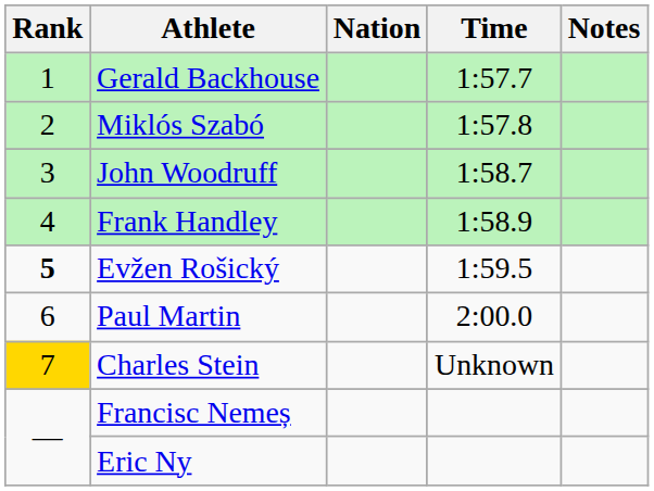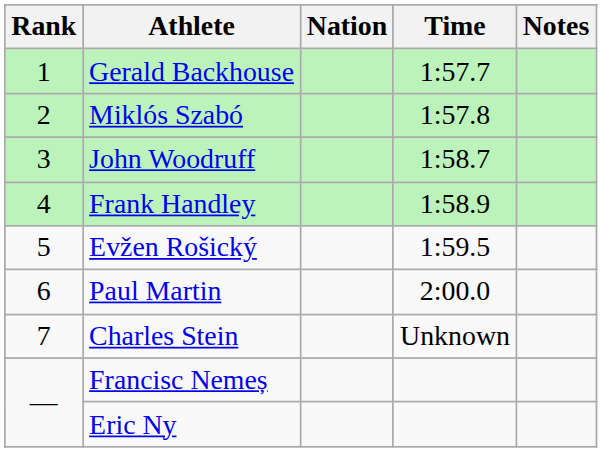 <table class="wikitable sortable" style="text-align:center">
 <tr>
 <th>Rank</th>
 <th>Athlete</th>
 <th>Nation</th>
 <th>Time</th>
 <th>Notes</th>
 </tr>
 <tr bgcolor=bbf3bb>
 <td>1</td>
 <td align=left><a href='#'>Gerald Backhouse</a></td>
 <td align=left></td>
 <td>1:57.7</td>
 <td></td>
 </tr>
 <tr bgcolor=bbf3bb>
 <td>2</td>
 <td align=left><a href='#'>Miklós Szabó</a></td>
 <td align=left></td>
 <td>1:57.8</td>
 <td></td>
 </tr>
 <tr bgcolor=bbf3bb>
 <td>3</td>
 <td align=left><a href='#'>John Woodruff</a></td>
 <td align=left></td>
 <td>1:58.7</td>
 <td></td>
 </tr>
 <tr bgcolor=bbf3bb>
 <td>4</td>
 <td align=left><a href='#'>Frank Handley</a></td>
 <td align=left></td>
 <td>1:58.9</td>
 <td></td>
 </tr>
 <tr>
-<td><strong>5</strong></td>
+<td>5</td>
 <td align=left><a href='#'>Evžen Rošický</a></td>
 <td align=left></td>
 <td>1:59.5</td>
 <td></td>
 </tr>
 <tr>
 <td>6</td>
 <td align=left><a href='#'>Paul Martin</a></td>
 <td align=left></td>
 <td>2:00.0</td>
 <td></td>
 </tr>
 <tr>
-<td style="background: gold;">7</td>
+<td>7</td>
 <td align=left><a href='#'>Charles Stein</a></td>
 <td align=left></td>
 <td data-sort-value=3:00.0>Unknown</td>
 <td></td>
 </tr>
 <tr>
 <td data-sort-value=8 rowspan=2>—</td>
 <td align=left><a href='#'>Francisc Nemeș</a></td>
 <td align=left></td>
 <td></td>
 <td></td>
 </tr>
 <tr>
 <td align=left><a href='#'>Eric Ny</a></td>
 <td align=left></td>
 <td></td>
 <td></td>
 </tr>
 </table>
